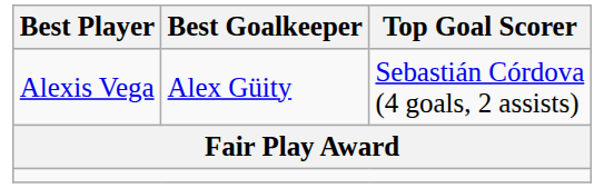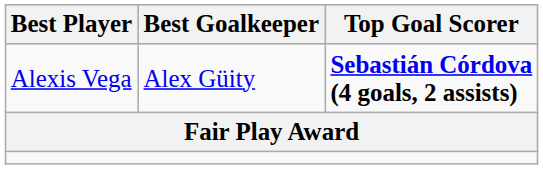 <table class="wikitable" style="margin:auto">
 <tr>
 <th>Best Player</th>
 <th>Best Goalkeeper</th>
 <th>Top Goal Scorer</th>
 </tr>
 <tr>
 <td> <a href='#'>Alexis Vega</a></td>
 <td> <a href='#'>Alex Güity</a></td>
-<td> <a href='#'>Sebastián Córdova</a> <br>(4 goals, 2 assists)</td>
+<td><strong> <a href='#'>Sebastián Córdova</a> <br>(4 goals, 2 assists)</strong></td>
 </tr>
 <tr>
 <th colspan="3">Fair Play Award</th>
 </tr>
 <tr>
 <td colspan="3" style="text-align:center;"></td>
 </tr>
 </table>
